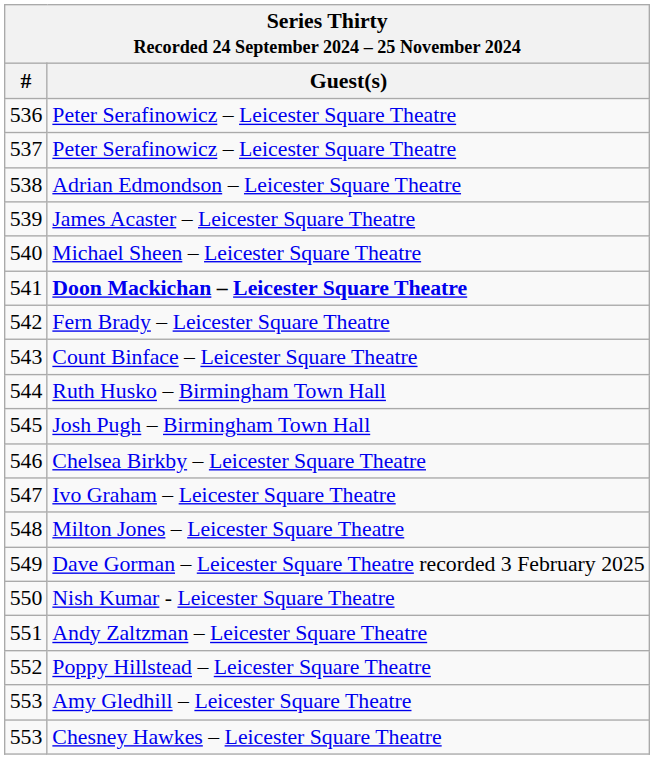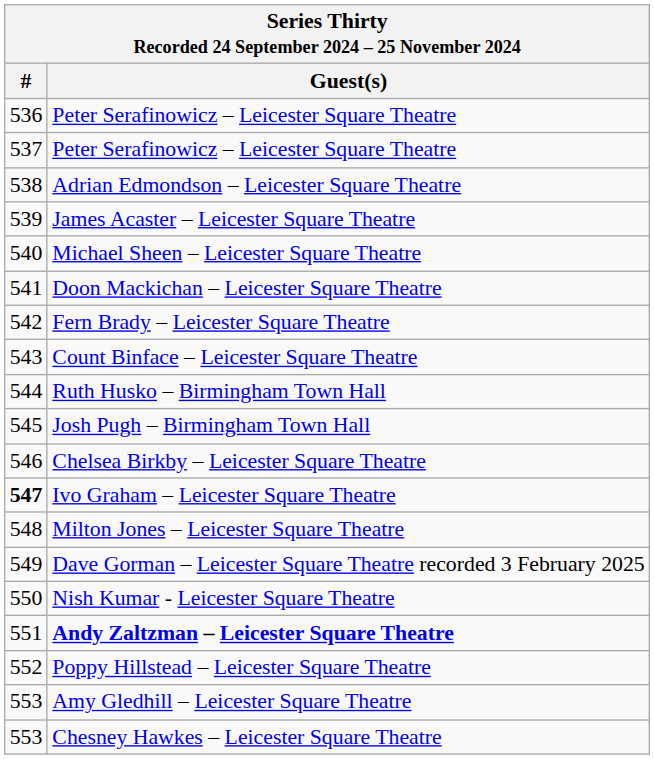 <table class="wikitable">
 <tr>
 <th colspan="3">Series Thirty<br><small>Recorded 24 September 2024 – 25 November 2024  </small></th>
 </tr>
 <tr>
 <th>#</th>
 <th>Guest(s)</th>
 </tr>
 <tr>
 <td>536</td>
 <td><a href='#'>Peter Serafinowicz</a> – <a href='#'>Leicester Square Theatre</a></td>
 </tr>
 <tr>
 <td>537</td>
 <td><a href='#'>Peter Serafinowicz</a> – <a href='#'>Leicester Square Theatre</a></td>
 </tr>
 <tr>
 <td>538</td>
 <td><a href='#'>Adrian Edmondson</a> – <a href='#'>Leicester Square Theatre</a></td>
 </tr>
 <tr>
 <td>539</td>
 <td><a href='#'>James Acaster</a> – <a href='#'>Leicester Square Theatre</a></td>
 </tr>
 <tr>
 <td>540</td>
 <td><a href='#'>Michael Sheen</a> – <a href='#'>Leicester Square Theatre</a></td>
 </tr>
 <tr>
 <td>541</td>
-<td><strong><a href='#'>Doon Mackichan</a> – <a href='#'>Leicester Square Theatre</a></strong></td>
+<td><a href='#'>Doon Mackichan</a> – <a href='#'>Leicester Square Theatre</a></td>
 </tr>
 <tr>
 <td>542</td>
 <td><a href='#'>Fern Brady</a> – <a href='#'>Leicester Square Theatre</a></td>
 </tr>
 <tr>
 <td>543</td>
 <td><a href='#'>Count Binface</a> – <a href='#'>Leicester Square Theatre</a></td>
 </tr>
 <tr>
 <td>544</td>
 <td><a href='#'>Ruth Husko</a> – <a href='#'>Birmingham Town Hall</a></td>
 </tr>
 <tr>
 <td>545</td>
 <td><a href='#'>Josh Pugh</a> – <a href='#'>Birmingham Town Hall</a></td>
 </tr>
 <tr>
 <td>546</td>
 <td><a href='#'>Chelsea Birkby</a> – <a href='#'>Leicester Square Theatre</a></td>
 </tr>
 <tr>
-<td>547</td>
+<td><strong>547</strong></td>
 <td><a href='#'>Ivo Graham</a> – <a href='#'>Leicester Square Theatre</a></td>
 </tr>
 <tr>
 <td>548</td>
 <td><a href='#'>Milton Jones</a> – <a href='#'>Leicester Square Theatre</a></td>
 </tr>
 <tr>
 <td>549</td>
 <td><a href='#'>Dave Gorman</a> – <a href='#'>Leicester Square Theatre</a> recorded 3 February 2025</td>
 </tr>
 <tr>
 <td>550</td>
 <td><a href='#'>Nish Kumar</a> - <a href='#'>Leicester Square Theatre</a></td>
 </tr>
 <tr>
 <td>551</td>
-<td><a href='#'>Andy Zaltzman</a> – <a href='#'>Leicester Square Theatre</a></td>
+<td><strong><a href='#'>Andy Zaltzman</a> – <a href='#'>Leicester Square Theatre</a></strong></td>
 </tr>
 <tr>
 <td>552</td>
 <td><a href='#'>Poppy Hillstead</a> – <a href='#'>Leicester Square Theatre</a></td>
 </tr>
 <tr>
 <td>553</td>
 <td><a href='#'>Amy Gledhill</a> – <a href='#'>Leicester Square Theatre</a></td>
 </tr>
 <tr>
 <td>553</td>
 <td><a href='#'>Chesney Hawkes</a> – <a href='#'>Leicester Square Theatre</a></td>
 </tr>
 </table>
